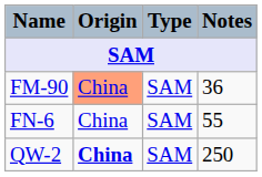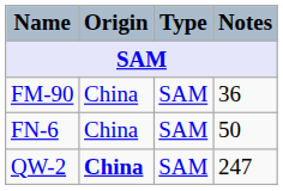 <table class="wikitable">
 <tr>
 <th style="text-align:center; background:#aabccc;">Name</th>
 <th style="text-align: center; background:#aabccc;">Origin</th>
 <th style="text-align:l center; background:#aabccc;">Type</th>
 <th style="text-align: center; background:#aabccc;">Notes</th>
 </tr>
 <tr>
 <th style="align: center; background: lavender;" colspan="4"><a href='#'>SAM</a></th>
 </tr>
 <tr>
 <td><a href='#'>FM-90</a></td>
-<td style="background: lightsalmon;"><a href='#'>China</a></td>
+<td><a href='#'>China</a></td>
 <td><a href='#'>SAM</a></td>
 <td>36</td>
 </tr>
 <tr>
 <td><a href='#'>FN-6</a></td>
 <td><a href='#'>China</a></td>
 <td><a href='#'>SAM</a></td>
-<td>55</td>
+<td>50</td>
 </tr>
 <tr>
 <td><a href='#'>QW-2</a></td>
 <td><strong><a href='#'>China</a></strong></td>
 <td><a href='#'>SAM</a></td>
-<td>250</td>
+<td>247</td>
 </tr>
 </table>
